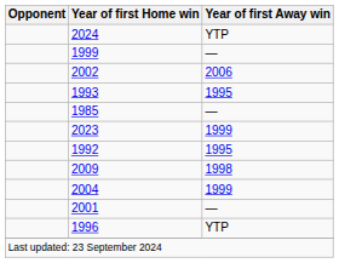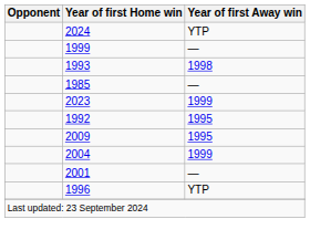 <table class="wikitable plainrowheaders sortable" style=align:center;>
 <tr>
 <th>Opponent</th>
 <th>Year of first Home win</th>
 <th>Year of first Away win</th>
 </tr>
 <tr>
 <td></td>
 <td><a href='#'>2024</a></td>
 <td>YTP</td>
 </tr>
 <tr>
 <td></td>
 <td><a href='#'>1999</a></td>
 <td>—</td>
 </tr>
 <tr>
 <td></td>
-<td><a href='#'>2002</a></td>
-<td><a href='#'>2006</a></td>
-</tr>
-<tr>
-<td></td>
 <td><a href='#'>1993</a></td>
-<td><a href='#'>1995</a></td>
+<td><a href='#'>1998</a></td>
 </tr>
 <tr>
 <td></td>
 <td><a href='#'>1985</a></td>
 <td>—</td>
 </tr>
 <tr>
 <td></td>
 <td><a href='#'>2023</a></td>
 <td><a href='#'>1999</a></td>
 </tr>
 <tr>
 <td></td>
 <td><a href='#'>1992</a></td>
 <td><a href='#'>1995</a></td>
 </tr>
 <tr>
 <td></td>
 <td><a href='#'>2009</a></td>
-<td><a href='#'>1998</a></td>
+<td><a href='#'>1995</a></td>
 </tr>
 <tr>
 <td></td>
 <td><a href='#'>2004</a></td>
 <td><a href='#'>1999</a></td>
 </tr>
 <tr>
 <td></td>
 <td><a href='#'>2001</a></td>
 <td>—</td>
 </tr>
 <tr>
 <td></td>
 <td><a href='#'>1996</a></td>
 <td>YTP</td>
 </tr>
 <tr>
 </tr>
 <tr class=sortbottom>
 <td colspan=3><small>Last updated: 23 September 2024</small></td>
 </tr>
 </table>
